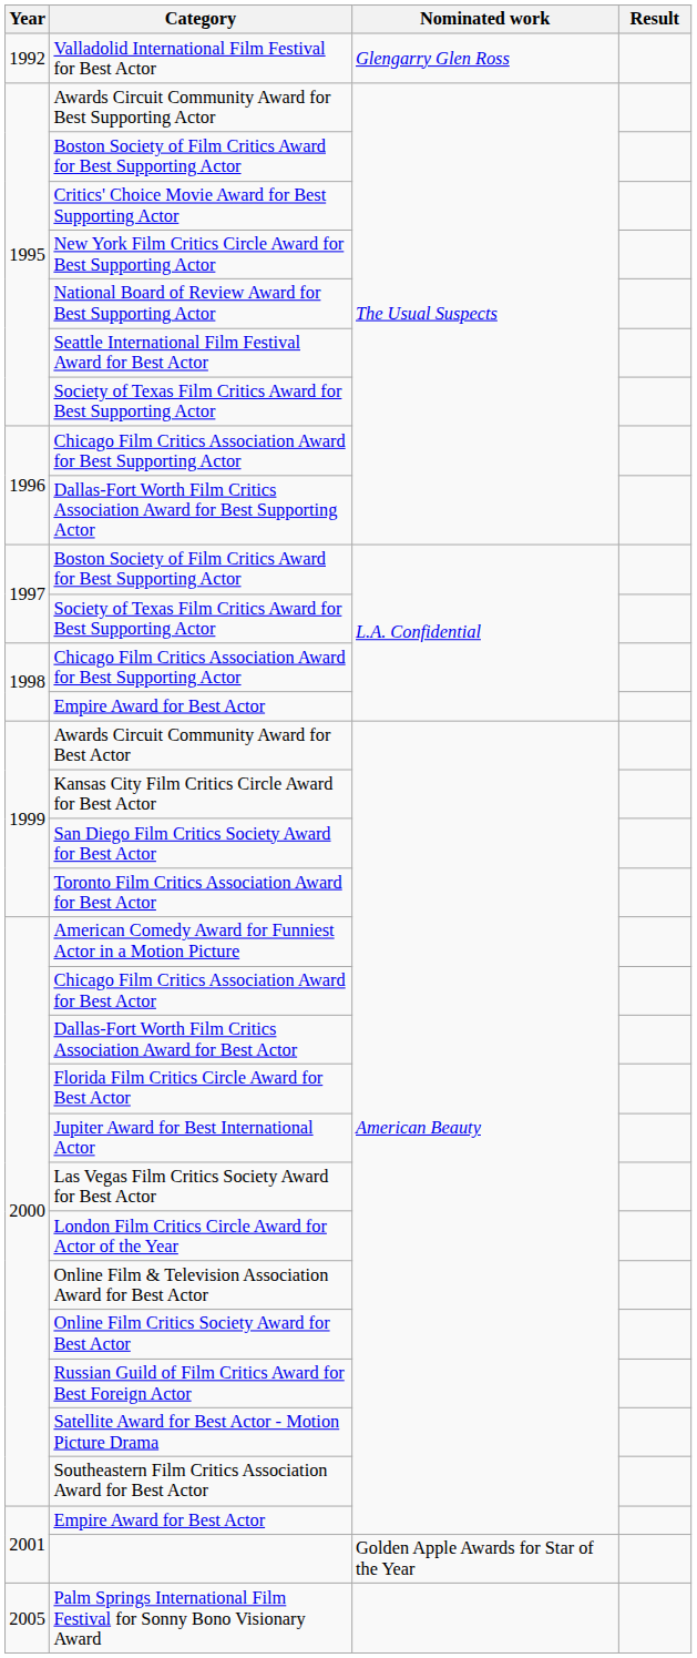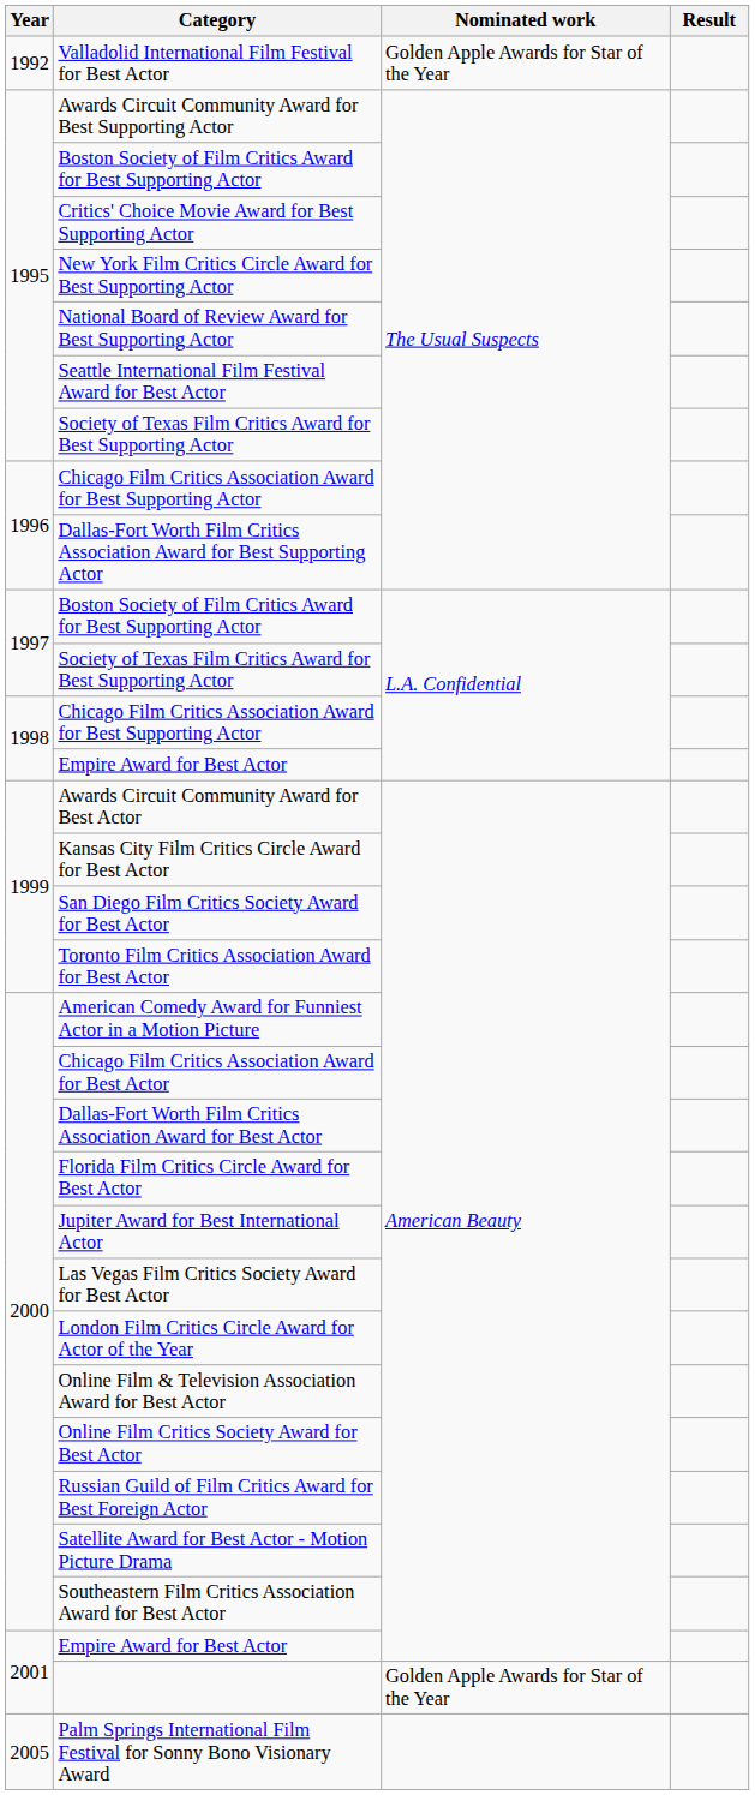 <table class="wikitable">
 <tr>
 <th scope="col" style="width:1em;">Year</th>
 <th scope="col" style="width:35em;">Category</th>
 <th scope="col" style="width:30em;">Nominated work</th>
 <th scope="col" style="width:5em;">Result</th>
 </tr>
 <tr>
 <td>1992</td>
 <td><a href='#'>Valladolid International Film Festival</a> for Best Actor</td>
-<td><em><a href='#'>Glengarry Glen Ross</a></em></td>
+<td>Golden Apple Awards for Star of the Year</td>
 <td></td>
 </tr>
 <tr>
 <td rowspan="7">1995</td>
 <td>Awards Circuit Community Award for Best Supporting Actor</td>
 <td rowspan="9"><em><a href='#'>The Usual Suspects</a></em></td>
 <td></td>
 </tr>
 <tr>
 <td><a href='#'>Boston Society of Film Critics Award for Best Supporting Actor</a></td>
 <td></td>
 </tr>
 <tr>
 <td><a href='#'>Critics' Choice Movie Award for Best Supporting Actor</a></td>
 <td></td>
 </tr>
 <tr>
 <td><a href='#'>New York Film Critics Circle Award for Best Supporting Actor</a></td>
 <td></td>
 </tr>
 <tr>
 <td><a href='#'>National Board of Review Award for Best Supporting Actor</a></td>
 <td></td>
 </tr>
 <tr>
 <td><a href='#'>Seattle International Film Festival Award for Best Actor</a></td>
 <td></td>
 </tr>
 <tr>
 <td><a href='#'>Society of Texas Film Critics Award for Best Supporting Actor</a></td>
 <td></td>
 </tr>
 <tr>
 <td rowspan="2">1996</td>
 <td><a href='#'>Chicago Film Critics Association Award for Best Supporting Actor</a></td>
 <td></td>
 </tr>
 <tr>
 <td><a href='#'>Dallas-Fort Worth Film Critics Association Award for Best Supporting Actor</a></td>
 <td></td>
 </tr>
 <tr>
 <td rowspan="2">1997</td>
 <td><a href='#'>Boston Society of Film Critics Award for Best Supporting Actor</a></td>
 <td rowspan="4"><em><a href='#'>L.A. Confidential</a></em></td>
 <td></td>
 </tr>
 <tr>
 <td><a href='#'>Society of Texas Film Critics Award for Best Supporting Actor</a></td>
 <td></td>
 </tr>
 <tr>
 <td rowspan="2">1998</td>
 <td><a href='#'>Chicago Film Critics Association Award for Best Supporting Actor</a></td>
 <td></td>
 </tr>
 <tr>
 <td><a href='#'>Empire Award for Best Actor</a></td>
 <td></td>
 </tr>
 <tr>
 <td rowspan="4">1999</td>
 <td>Awards Circuit Community Award for Best Actor</td>
 <td rowspan="17"><em><a href='#'>American Beauty</a></em></td>
 <td></td>
 </tr>
 <tr>
 <td>Kansas City Film Critics Circle Award for Best Actor</td>
 <td></td>
 </tr>
 <tr>
 <td><a href='#'>San Diego Film Critics Society Award for Best Actor</a></td>
 <td></td>
 </tr>
 <tr>
 <td><a href='#'>Toronto Film Critics Association Award for Best Actor</a></td>
 <td></td>
 </tr>
 <tr>
 <td rowspan="12">2000</td>
 <td><a href='#'>American Comedy Award for Funniest Actor in a Motion Picture</a></td>
 <td></td>
 </tr>
 <tr>
 <td><a href='#'>Chicago Film Critics Association Award for Best Actor</a></td>
 <td></td>
 </tr>
 <tr>
 <td><a href='#'>Dallas-Fort Worth Film Critics Association Award for Best Actor</a></td>
 <td></td>
 </tr>
 <tr>
 <td><a href='#'>Florida Film Critics Circle Award for Best Actor</a></td>
 <td></td>
 </tr>
 <tr>
 <td><a href='#'>Jupiter Award for Best International Actor</a></td>
 <td></td>
 </tr>
 <tr>
 <td>Las Vegas Film Critics Society Award for Best Actor</td>
 <td></td>
 </tr>
 <tr>
 <td><a href='#'>London Film Critics Circle Award for Actor of the Year</a></td>
 <td></td>
 </tr>
 <tr>
 <td>Online Film & Television Association Award for Best Actor</td>
 <td></td>
 </tr>
 <tr>
 <td><a href='#'>Online Film Critics Society Award for Best Actor</a></td>
 <td></td>
 </tr>
 <tr>
 <td><a href='#'>Russian Guild of Film Critics Award for Best Foreign Actor</a></td>
 <td></td>
 </tr>
 <tr>
 <td><a href='#'>Satellite Award for Best Actor - Motion Picture Drama</a></td>
 <td></td>
 </tr>
 <tr>
 <td>Southeastern Film Critics Association Award for Best Actor</td>
 <td></td>
 </tr>
 <tr>
 <td rowspan="2">2001</td>
 <td><a href='#'>Empire Award for Best Actor</a></td>
 <td></td>
 </tr>
 <tr>
 <td></td>
 <td>Golden Apple Awards for Star of the Year</td>
 <td></td>
 </tr>
 <tr>
 <td>2005</td>
 <td><a href='#'>Palm Springs International Film Festival</a> for Sonny Bono Visionary Award</td>
 <td></td>
 <td></td>
 </tr>
 <tr>
 </tr>
 </table>
